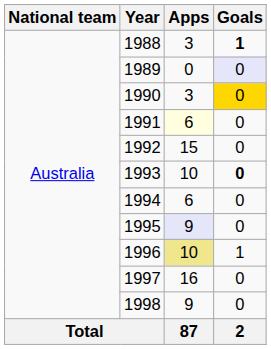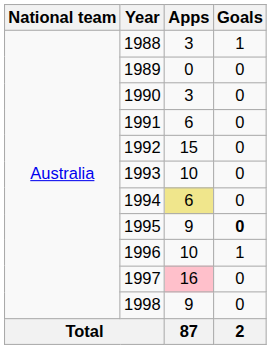 <table class="wikitable" style="text-align:center">
 <tr>
 <th>National team</th>
 <th>Year</th>
 <th>Apps</th>
 <th>Goals</th>
 </tr>
 <tr>
 <td rowspan="11"><a href='#'>Australia</a></td>
 <td>1988</td>
 <td>3</td>
-<td><strong>1</strong></td>
+<td>1</td>
 </tr>
 <tr>
 <td>1989</td>
 <td>0</td>
-<td style="background: lavender;">0</td>
+<td>0</td>
 </tr>
 <tr>
 <td>1990</td>
 <td>3</td>
-<td style="background: gold;">0</td>
+<td>0</td>
 </tr>
 <tr>
 <td>1991</td>
-<td style="background: lightyellow;">6</td>
+<td>6</td>
 <td>0</td>
 </tr>
 <tr>
 <td>1992</td>
 <td>15</td>
 <td>0</td>
 </tr>
 <tr>
 <td>1993</td>
 <td>10</td>
-<td><strong>0</strong></td>
+<td>0</td>
 </tr>
 <tr>
 <td>1994</td>
-<td>6</td>
+<td style="background: khaki;">6</td>
 <td>0</td>
 </tr>
 <tr>
 <td>1995</td>
-<td style="background: lavender;">9</td>
-<td>0</td>
+<td>9</td>
+<td><strong>0</strong></td>
 </tr>
 <tr>
 <td>1996</td>
-<td style="background: khaki;">10</td>
+<td>10</td>
 <td>1</td>
 </tr>
 <tr>
 <td>1997</td>
-<td>16</td>
+<td style="background: pink;">16</td>
 <td>0</td>
 </tr>
 <tr>
 <td>1998</td>
 <td>9</td>
 <td>0</td>
 </tr>
 <tr>
 <th colspan="2">Total</th>
 <th>87</th>
 <th>2</th>
 </tr>
 </table>
